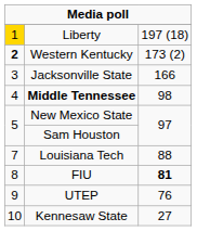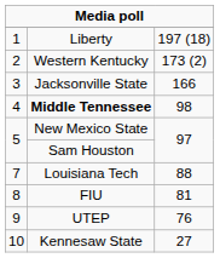 <table class="wikitable">
 <tr align="center">
 <td align="center" Colspan="3"><strong>Media poll</strong></td>
 </tr>
 <tr align="center">
 </tr>
 <tr align="center">
-<td style="background: gold;">1</td>
+<td>1</td>
 <td>Liberty</td>
 <td>197 (18)</td>
 </tr>
 <tr align="center">
-<td><strong>2</strong></td>
+<td>2</td>
 <td>Western Kentucky</td>
 <td>173 (2)</td>
 </tr>
 <tr align="center">
 <td>3</td>
 <td>Jacksonville State</td>
 <td>166</td>
 </tr>
 <tr align="center">
 <td>4</td>
 <td><strong>Middle Tennessee</strong></td>
 <td>98</td>
 </tr>
 <tr align="center">
 <td rowspan="2">5</td>
 <td>New Mexico State</td>
 <td rowspan="2">97</td>
 </tr>
 <tr align="center">
 <td>Sam Houston</td>
 </tr>
 <tr align="center">
 <td>7</td>
 <td>Louisiana Tech</td>
 <td>88</td>
 </tr>
 <tr align="center">
 <td>8</td>
 <td>FIU</td>
-<td><strong>81</strong></td>
+<td>81</td>
 </tr>
 <tr align="center">
 <td>9</td>
 <td>UTEP</td>
 <td>76</td>
 </tr>
 <tr align="center">
 <td>10</td>
 <td>Kennesaw State</td>
 <td>27</td>
 </tr>
 </table>
